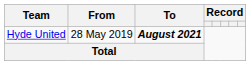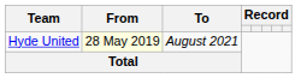 <table class=wikitable style="text-align: center">
 <tr>
 <th rowspan=2>Team</th>
 <th rowspan=2>From</th>
 <th rowspan=2>To</th>
 <th colspan=5>Record</th>
 </tr>
 <tr>
 <th></th>
 <th></th>
 <th></th>
 <th></th>
 <th></th>
 </tr>
 <tr>
 <td align=left><a href='#'>Hyde United</a></td>
-<td align=left>28 May 2019</td>
-<td align=left><strong><em>August 2021</em><br></strong></td>
+<td align=left style="background: lightyellow;">28 May 2019</td>
+<td align=left><em>August 2021</em><br></td>
 </tr>
 <tr>
 <th colspan=3>Total<br></th>
 </tr>
 </table>
